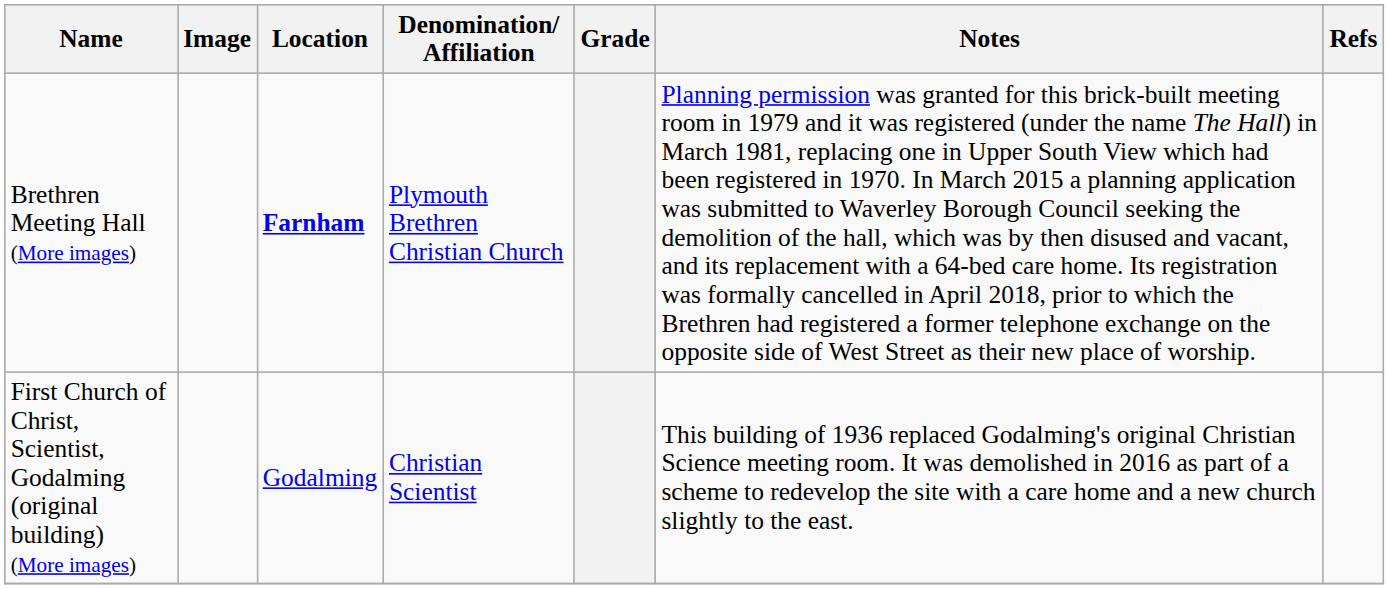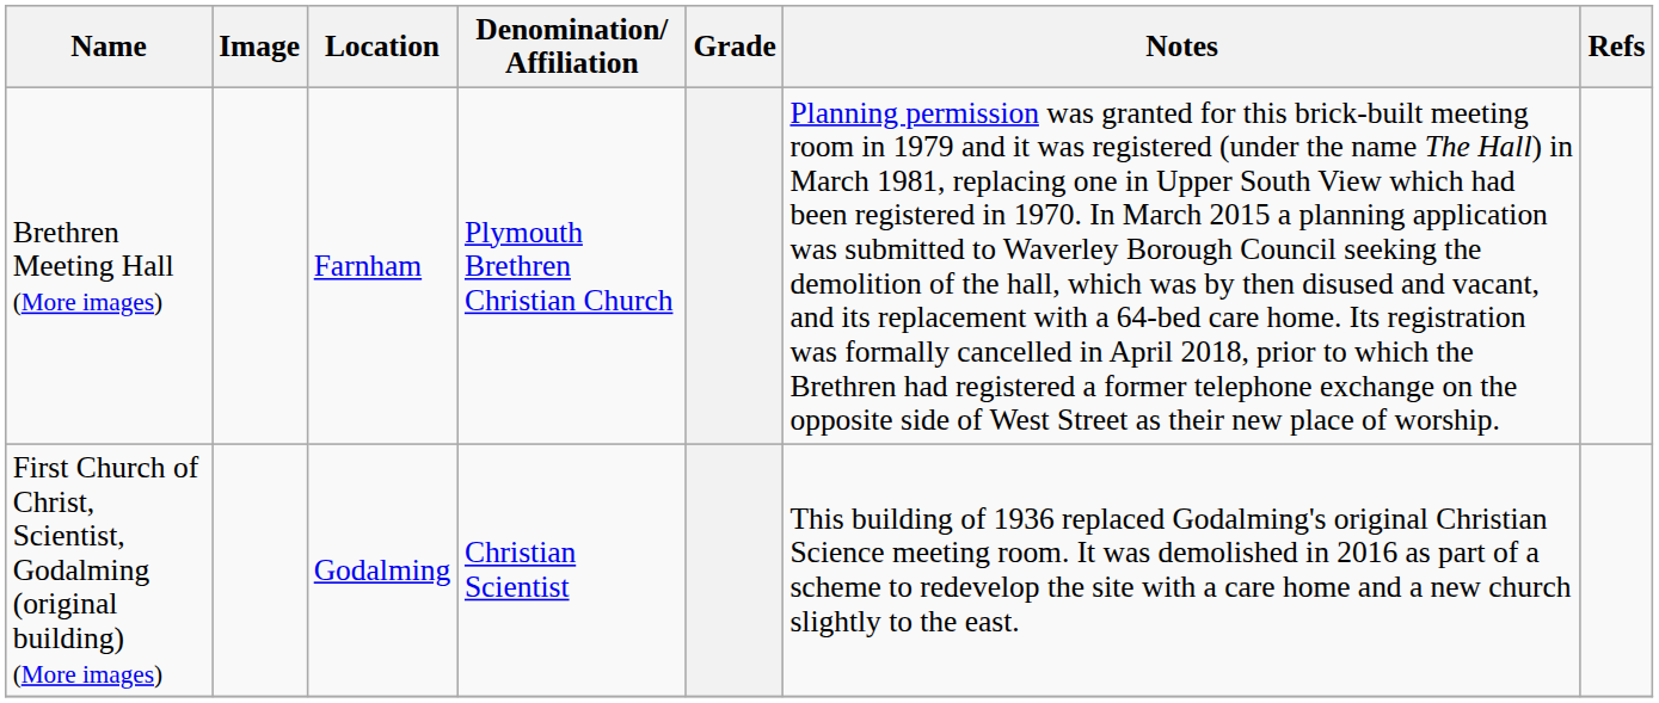 <table class="wikitable sortable">
 <tr>
 <th align="center">Name</th>
 <th align="center" class="unsortable">Image</th>
 <th align="center">Location</th>
 <th align="center">Denomination/<br>Affiliation</th>
 <th align="center">Grade</th>
 <th align="center" class="unsortable">Notes</th>
 <th align="center" class="unsortable">Refs</th>
 </tr>
 <tr>
 <td>Brethren Meeting Hall<br><small>(<a href='#'>More images</a>)</small></td>
 <td></td>
-<td><strong><a href='#'>Farnham</a><br></strong></td>
+<td><a href='#'>Farnham</a><br></td>
 <td><a href='#'>Plymouth Brethren Christian Church</a></td>
 <th align="centre"></th>
 <td><a href='#'>Planning permission</a> was granted for this brick-built meeting room in 1979 and it was registered (under the name <em>The Hall</em>) in March 1981, replacing one in Upper South View which had been registered in 1970.  In March 2015 a planning application was submitted to Waverley Borough Council seeking the demolition of the hall, which was by then disused and vacant, and its replacement with a 64-bed care home.  Its registration was formally cancelled in April 2018, prior to which the Brethren had registered a former telephone exchange on the opposite side of West Street as their new place of worship.</td>
 <td><br><br></td>
 </tr>
 <tr>
 <td>First Church of Christ, Scientist, Godalming (original building)<br><small>(<a href='#'>More images</a>)</small></td>
 <td></td>
 <td><a href='#'>Godalming</a><br></td>
 <td><a href='#'>Christian Scientist</a></td>
 <th align="centre"></th>
 <td>This building of  1936 replaced Godalming's original Christian Science meeting room.  It was demolished in 2016 as part of a scheme to redevelop the site with a care home and a new church slightly to the east.</td>
 <td><br></td>
 </tr>
 <tr>
 </tr>
 </table>
